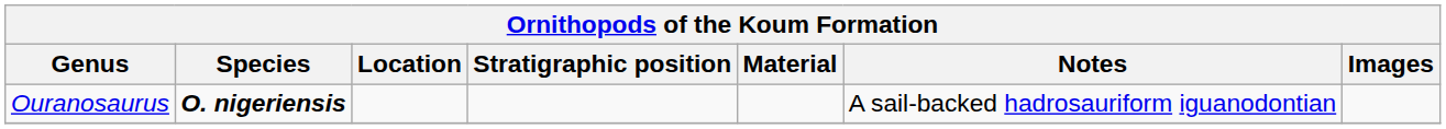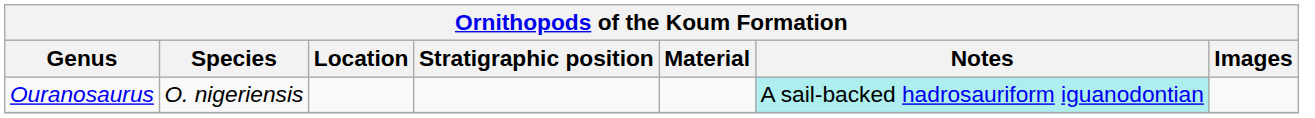 <table class="wikitable" align="center">
 <tr>
 <th colspan="7" align="center"><a href='#'>Ornithopods</a> of the Koum Formation</th>
 </tr>
 <tr>
 <th>Genus</th>
 <th>Species</th>
 <th>Location</th>
 <th>Stratigraphic position</th>
 <th>Material</th>
 <th>Notes</th>
 <th>Images</th>
 </tr>
 <tr>
 <td><em><a href='#'>Ouranosaurus</a></em></td>
-<td><strong><em>O. nigeriensis</em></strong></td>
+<td><em>O. nigeriensis</em></td>
 <td></td>
 <td></td>
 <td></td>
-<td>A sail-backed <a href='#'>hadrosauriform</a> <a href='#'>iguanodontian</a></td>
+<td style="background: paleturquoise;">A sail-backed <a href='#'>hadrosauriform</a> <a href='#'>iguanodontian</a></td>
 <td></td>
 </tr>
 <tr>
 </tr>
 </table>
